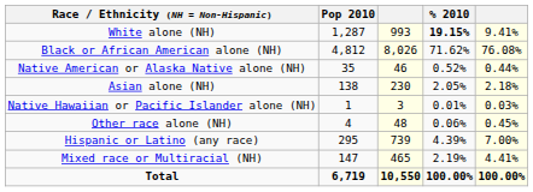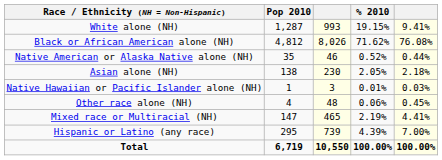 <table class="wikitable" style="text-align:center;">
 <tr>
 <th>Race / Ethnicity <small>(<em>NH = Non-Hispanic</em>)</small></th>
 <th>Pop 2010</th>
 <th></th>
 <th>% 2010</th>
 <th></th>
 </tr>
 <tr>
 <td><a href='#'>White</a> alone (NH)</td>
 <td>1,287</td>
 <td style='background: #ffffe6;'>993</td>
-<td><strong>19.15%</strong></td>
+<td>19.15%</td>
 <td style='background: #ffffe6;'>9.41%</td>
 </tr>
 <tr>
 <td><a href='#'>Black or African American</a> alone (NH)</td>
 <td>4,812</td>
 <td style='background: #ffffe6;'>8,026</td>
 <td>71.62%</td>
 <td style='background: #ffffe6;'>76.08%</td>
 </tr>
 <tr>
 <td><a href='#'>Native American</a> or <a href='#'>Alaska Native</a> alone (NH)</td>
 <td>35</td>
 <td style='background: #ffffe6;'>46</td>
 <td>0.52%</td>
 <td style='background: #ffffe6;'>0.44%</td>
 </tr>
 <tr>
 <td><a href='#'>Asian</a> alone (NH)</td>
 <td>138</td>
 <td style='background: #ffffe6;'>230</td>
 <td>2.05%</td>
 <td style='background: #ffffe6;'>2.18%</td>
 </tr>
 <tr>
 <td><a href='#'>Native Hawaiian</a> or <a href='#'>Pacific Islander</a> alone (NH)</td>
 <td>1</td>
 <td style='background: #ffffe6;'>3</td>
 <td>0.01%</td>
 <td style='background: #ffffe6;'>0.03%</td>
 </tr>
 <tr>
 <td><a href='#'>Other race</a> alone (NH)</td>
 <td>4</td>
 <td style='background: #ffffe6;'>48</td>
 <td>0.06%</td>
 <td style='background: #ffffe6;'>0.45%</td>
 </tr>
 <tr>
+<td><a href='#'>Mixed race or Multiracial</a> (NH)</td>
+<td>147</td>
+<td style='background: #ffffe6;'>465</td>
+<td>2.19%</td>
+<td style='background: #ffffe6;'>4.41%</td>
+</tr>
+<tr>
 <td><a href='#'>Hispanic or Latino</a> (any race)</td>
 <td>295</td>
 <td style='background: #ffffe6;'>739</td>
 <td>4.39%</td>
 <td style='background: #ffffe6;'>7.00%</td>
-</tr>
-<tr>
-<td><a href='#'>Mixed race or Multiracial</a> (NH)</td>
-<td>147</td>
-<td style='background: #ffffe6;'>465</td>
-<td>2.19%</td>
-<td style='background: #ffffe6;'>4.41%</td>
 </tr>
 <tr>
 <td><strong>Total</strong></td>
 <td><strong>6,719</strong></td>
 <td style='background: #ffffe6;'><strong>10,550</strong></td>
 <td><strong>100.00%</strong></td>
 <td style='background: #ffffe6;'><strong>100.00%</strong></td>
 </tr>
 </table>
